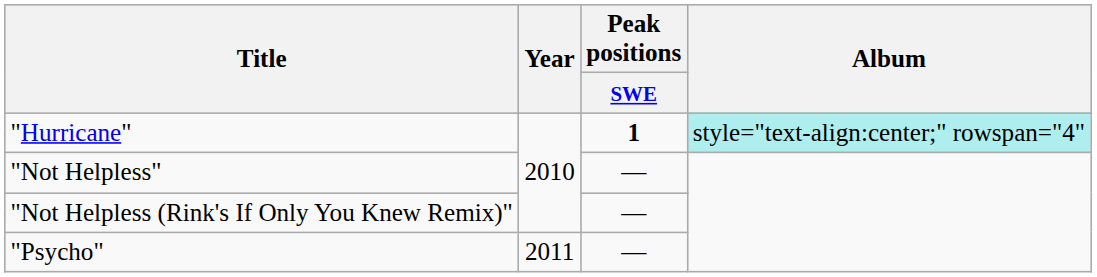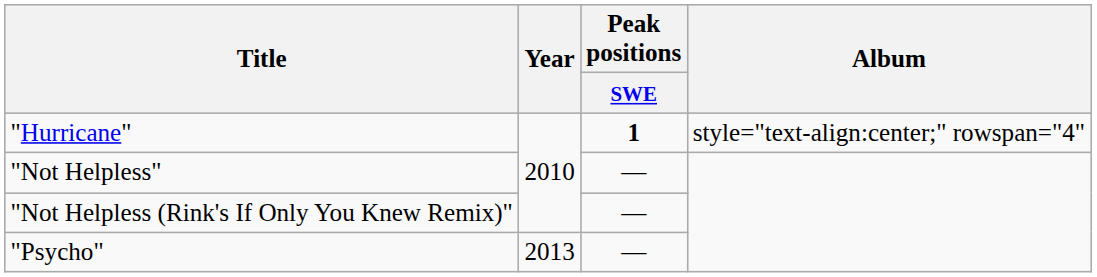 <table class="wikitable">
 <tr>
 <th align="center" rowspan="2">Title</th>
 <th align="center" rowspan="2">Year</th>
 <th align="center" colspan="1">Peak positions</th>
 <th align="center" rowspan="2">Album</th>
 </tr>
 <tr>
 <th width="20"><small><a href='#'>SWE</a><br></small></th>
 </tr>
 <tr>
 <td>"<a href='#'>Hurricane</a>"</td>
 <td style="text-align:center;" rowspan="3">2010</td>
 <td style="text-align:center;"><strong>1</strong></td>
-<td style="background: paleturquoise;">style="text-align:center;" rowspan="4" </td>
+<td>style="text-align:center;" rowspan="4" </td>
 </tr>
 <tr>
 <td>"Not Helpless"</td>
 <td style="text-align:center;">—</td>
 </tr>
 <tr>
 <td>"Not Helpless (Rink's If Only You Knew Remix)"</td>
 <td style="text-align:center;">—</td>
 </tr>
 <tr>
 <td>"Psycho"</td>
-<td style="text-align:center;">2011</td>
+<td style="text-align:center;">2013</td>
 <td style="text-align:center;">—</td>
 </tr>
 </table>
